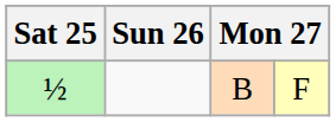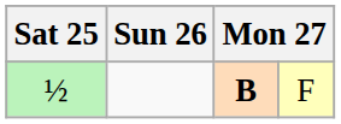 <table class="wikitable" style="margin:0.5em auto; font-size:90%; line-height:1.25em; text-align:center">
 <tr>
 <th>Sat 25</th>
 <th>Sun 26</th>
 <th colspan="2">Mon 27</th>
 </tr>
 <tr>
 <td bgcolor="#BBF3BB">½</td>
 <td></td>
-<td bgcolor="#FEDCBA">B</td>
+<td bgcolor="#FEDCBA"><strong>B</strong></td>
 <td bgcolor="#FFFFBB">F</td>
 </tr>
 </table>
